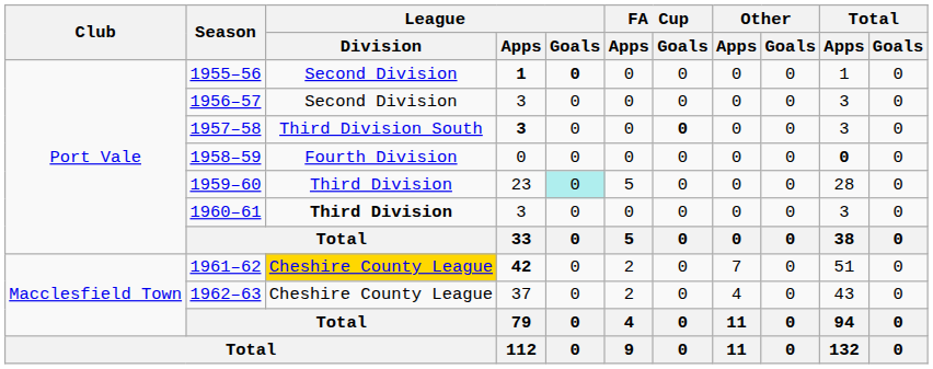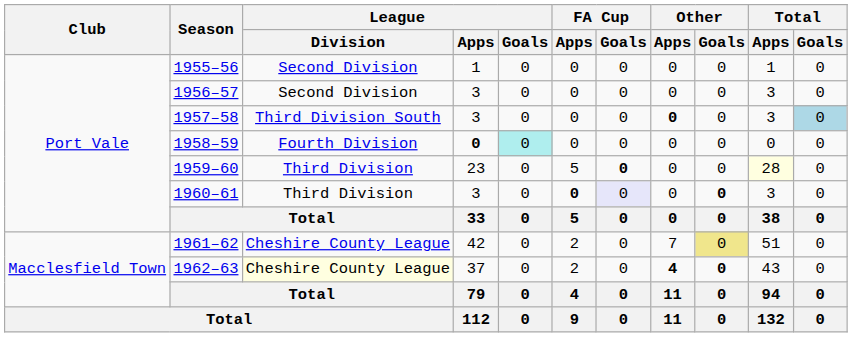 <table class="wikitable" style="text-align: center;">
 <tr>
 <th rowspan="2">Club</th>
 <th rowspan="2">Season</th>
 <th colspan="3">League</th>
 <th colspan="2">FA Cup</th>
 <th colspan="2">Other</th>
 <th colspan="2">Total</th>
 </tr>
 <tr>
 <th>Division</th>
 <th>Apps</th>
 <th>Goals</th>
 <th>Apps</th>
 <th>Goals</th>
 <th>Apps</th>
 <th>Goals</th>
 <th>Apps</th>
 <th>Goals</th>
 </tr>
 <tr>
 <td rowspan="7"><a href='#'>Port Vale</a></td>
 <td><a href='#'>1955–56</a></td>
 <td><a href='#'>Second Division</a></td>
-<td><strong>1</strong></td>
-<td><strong>0</strong></td>
+<td>1</td>
+<td>0</td>
 <td>0</td>
 <td>0</td>
 <td>0</td>
 <td>0</td>
 <td>1</td>
 <td>0</td>
 </tr>
 <tr>
 <td><a href='#'>1956–57</a></td>
 <td>Second Division</td>
 <td>3</td>
 <td>0</td>
 <td>0</td>
 <td>0</td>
 <td>0</td>
 <td>0</td>
 <td>3</td>
 <td>0</td>
 </tr>
 <tr>
 <td><a href='#'>1957–58</a></td>
 <td><a href='#'>Third Division South</a></td>
-<td><strong>3</strong></td>
+<td>3</td>
+<td>0</td>
 <td>0</td>
 <td>0</td>
 <td><strong>0</strong></td>
 <td>0</td>
-<td>0</td>
 <td>3</td>
-<td>0</td>
+<td style="background: lightblue;">0</td>
 </tr>
 <tr>
 <td><a href='#'>1958–59</a></td>
 <td><a href='#'>Fourth Division</a></td>
+<td><strong>0</strong></td>
+<td style="background: paleturquoise;">0</td>
 <td>0</td>
 <td>0</td>
 <td>0</td>
 <td>0</td>
 <td>0</td>
 <td>0</td>
-<td><strong>0</strong></td>
-<td>0</td>
 </tr>
 <tr>
 <td><a href='#'>1959–60</a></td>
 <td><a href='#'>Third Division</a></td>
 <td>23</td>
-<td style="background: paleturquoise;">0</td>
+<td>0</td>
 <td>5</td>
+<td><strong>0</strong></td>
 <td>0</td>
 <td>0</td>
-<td>0</td>
-<td>28</td>
+<td style="background: lightyellow;">28</td>
 <td>0</td>
 </tr>
 <tr>
 <td><a href='#'>1960–61</a></td>
-<td><strong>Third Division</strong></td>
+<td>Third Division</td>
 <td>3</td>
 <td>0</td>
+<td><strong>0</strong></td>
+<td style="background: lavender;">0</td>
 <td>0</td>
-<td>0</td>
-<td>0</td>
-<td>0</td>
+<td><strong>0</strong></td>
 <td>3</td>
 <td>0</td>
 </tr>
 <tr>
 <th colspan="2">Total</th>
 <th>33</th>
 <th>0</th>
 <th>5</th>
 <th>0</th>
 <th>0</th>
 <th>0</th>
 <th>38</th>
 <th>0</th>
 </tr>
 <tr>
 <td rowspan="3"><a href='#'>Macclesfield Town</a></td>
 <td><a href='#'>1961–62</a></td>
-<td style="background: gold;"><a href='#'>Cheshire County League</a></td>
-<td><strong>42</strong></td>
+<td><a href='#'>Cheshire County League</a></td>
+<td>42</td>
 <td>0</td>
 <td>2</td>
 <td>0</td>
 <td>7</td>
-<td>0</td>
+<td style="background: khaki;">0</td>
 <td>51</td>
 <td>0</td>
 </tr>
 <tr>
 <td><a href='#'>1962–63</a></td>
-<td>Cheshire County League</td>
+<td style="background: lightyellow;">Cheshire County League</td>
 <td>37</td>
 <td>0</td>
 <td>2</td>
 <td>0</td>
-<td>4</td>
-<td>0</td>
+<td><strong>4</strong></td>
+<td><strong>0</strong></td>
 <td>43</td>
 <td>0</td>
 </tr>
 <tr>
 <th colspan="2">Total</th>
 <th>79</th>
 <th>0</th>
 <th>4</th>
 <th>0</th>
 <th>11</th>
 <th>0</th>
 <th>94</th>
 <th>0</th>
 </tr>
 <tr>
 <th colspan="3">Total</th>
 <th>112</th>
 <th>0</th>
 <th>9</th>
 <th>0</th>
 <th>11</th>
 <th>0</th>
 <th>132</th>
 <th>0</th>
 </tr>
 </table>
